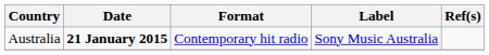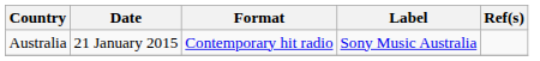 <table class="wikitable sortable plainrowheaders">
 <tr>
 <th scope="col">Country</th>
 <th scope="col">Date</th>
 <th scope="col">Format</th>
 <th scope="col">Label</th>
 <th scope="col">Ref(s)</th>
 </tr>
 <tr>
 <td>Australia</td>
-<td><strong>21 January 2015</strong></td>
+<td>21 January 2015</td>
 <td><a href='#'>Contemporary hit radio</a></td>
 <td><a href='#'>Sony Music Australia</a></td>
 <td></td>
 </tr>
 <tr>
 </tr>
 </table>
